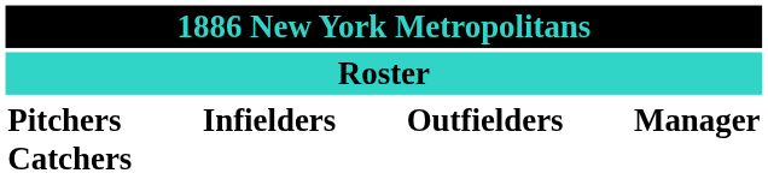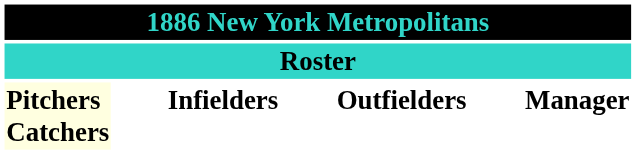 <table class="toccolours" style="font-size: 95%;">
 <tr>
 <th colspan="10" style="background-color: black; color: #30D5C8; text-align: center;">1886 New York Metropolitans</th>
 </tr>
 <tr>
 <td colspan="10" style="background-color: #30D5C8; color: black; text-align: center;"><strong>Roster</strong></td>
 </tr>
 <tr>
-<td valign="top"><strong>Pitchers</strong><br>    <strong>Catchers</strong>    </td>
+<td valign="top" style="background: lightyellow;"><strong>Pitchers</strong><br>    <strong>Catchers</strong>    </td>
 <td width="25px"></td>
 <td valign="top"><strong>Infielders</strong><br>       </td>
 <td width="25px"></td>
 <td valign="top"><strong>Outfielders</strong><br>    </td>
 <td width="25px"></td>
 <td valign="top"><strong>Manager</strong><br> </td>
 </tr>
 </table>
